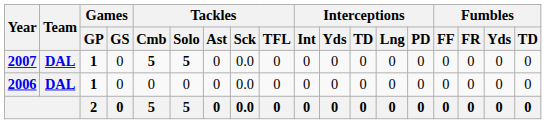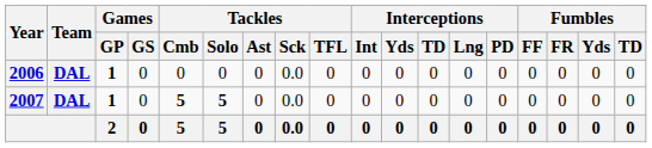 <table class="wikitable" style="text-align:center">
 <tr>
 <th rowspan="2">Year</th>
 <th rowspan="2">Team</th>
 <th colspan="2">Games</th>
 <th colspan="5">Tackles</th>
 <th colspan="5">Interceptions</th>
 <th colspan="4">Fumbles</th>
 </tr>
 <tr>
 <th>GP</th>
 <th>GS</th>
 <th>Cmb</th>
 <th>Solo</th>
 <th>Ast</th>
 <th>Sck</th>
 <th>TFL</th>
 <th>Int</th>
 <th>Yds</th>
 <th>TD</th>
 <th>Lng</th>
 <th>PD</th>
 <th>FF</th>
 <th>FR</th>
 <th>Yds</th>
 <th>TD</th>
 </tr>
 <tr>
-<th><a href='#'>2007</a></th>
+<th><a href='#'>2006</a></th>
 <th><a href='#'>DAL</a></th>
 <td><strong>1</strong></td>
 <td>0</td>
-<td><strong>5</strong></td>
-<td><strong>5</strong></td>
+<td>0</td>
+<td>0</td>
 <td>0</td>
 <td>0.0</td>
 <td>0</td>
 <td>0</td>
 <td>0</td>
 <td>0</td>
 <td>0</td>
 <td>0</td>
 <td>0</td>
 <td>0</td>
 <td>0</td>
 <td>0</td>
 </tr>
 <tr>
-<th><a href='#'>2006</a></th>
+<th><a href='#'>2007</a></th>
 <th><a href='#'>DAL</a></th>
 <td><strong>1</strong></td>
 <td>0</td>
-<td>0</td>
-<td>0</td>
+<td><strong>5</strong></td>
+<td><strong>5</strong></td>
 <td>0</td>
 <td>0.0</td>
 <td>0</td>
 <td>0</td>
 <td>0</td>
 <td>0</td>
 <td>0</td>
 <td>0</td>
 <td>0</td>
 <td>0</td>
 <td>0</td>
 <td>0</td>
 </tr>
 <tr>
 <th colspan="2"></th>
 <th>2</th>
 <th>0</th>
 <th>5</th>
 <th>5</th>
 <th>0</th>
 <th>0.0</th>
 <th>0</th>
 <th>0</th>
 <th>0</th>
 <th>0</th>
 <th>0</th>
 <th>0</th>
 <th>0</th>
 <th>0</th>
 <th>0</th>
 <th>0</th>
 </tr>
 </table>
